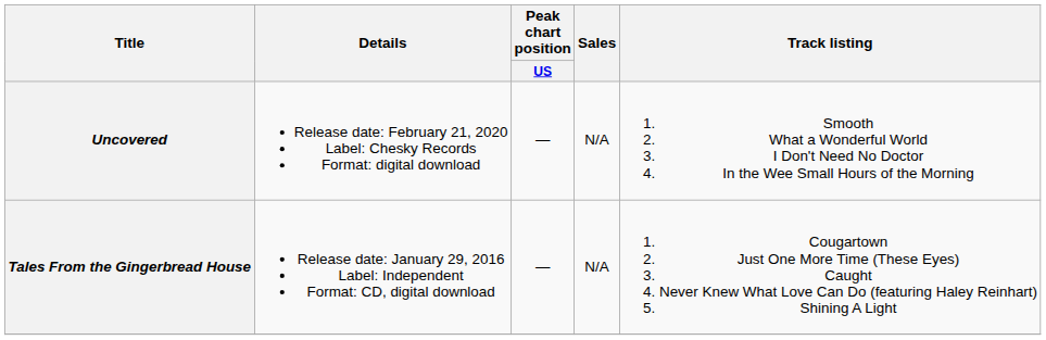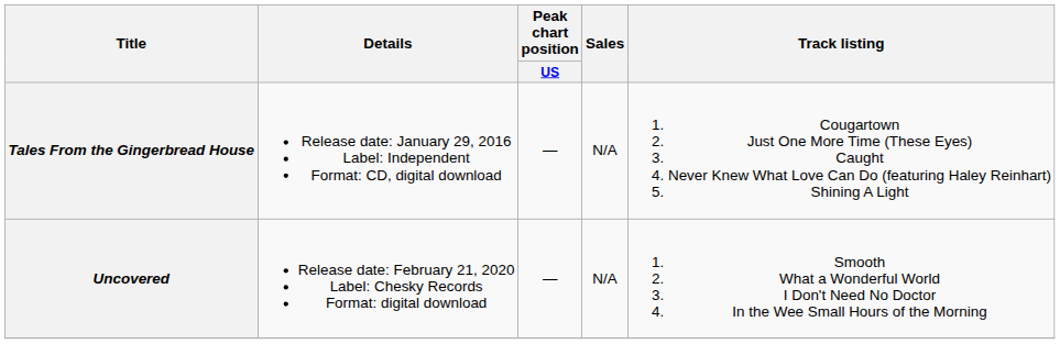 <table class="wikitable plainrowheaders" style="text-align:center;">
 <tr>
 <th scope="col" rowspan="2">Title</th>
 <th scope="col" rowspan="2">Details</th>
 <th scope="col" colspan="1">Peak chart position</th>
 <th scope="col" rowspan="2">Sales</th>
 <th scope="col" rowspan="2">Track listing</th>
 </tr>
 <tr>
 <th scope="col" style="width:3em;font-size:90%;"><a href='#'>US</a></th>
 </tr>
 <tr>
+<th scope="row"><em>Tales From the Gingerbread House</em></th>
+<td><br><ul><li>Release date: January 29, 2016</li><li>Label: Independent</li><li>Format: CD, digital download</li></ul></td>
+<td>—</td>
+<td>N/A</td>
+<td><br><ol><li>Cougartown</li><li>Just One More Time (These Eyes)</li><li>Caught</li><li>Never Knew What Love Can Do (featuring Haley Reinhart)</li><li>Shining A Light</li></ol></td>
+</tr>
+<tr>
 <th scope="row"><em>Uncovered</em></th>
 <td><br><ul><li>Release date: February 21, 2020</li><li>Label: Chesky Records</li><li>Format: digital download</li></ul></td>
 <td>—</td>
 <td>N/A</td>
 <td><br><ol><li>Smooth</li><li>What a Wonderful World</li><li>I Don't Need No Doctor</li><li>In the Wee Small Hours of the Morning</li></ol></td>
 </tr>
 <tr>
-<th scope="row"><em>Tales From the Gingerbread House</em></th>
-<td><br><ul><li>Release date: January 29, 2016</li><li>Label: Independent</li><li>Format: CD, digital download</li></ul></td>
-<td>—</td>
-<td>N/A</td>
-<td><br><ol><li>Cougartown</li><li>Just One More Time (These Eyes)</li><li>Caught</li><li>Never Knew What Love Can Do (featuring Haley Reinhart)</li><li>Shining A Light</li></ol></td>
-</tr>
-<tr>
 </tr>
 </table>
